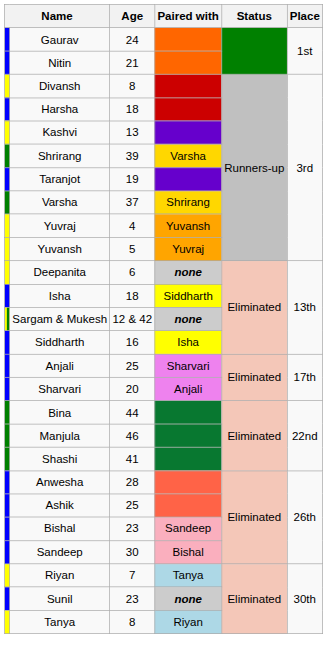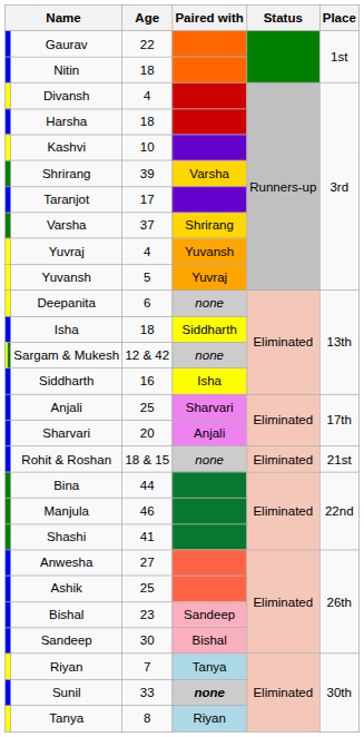 <table class="wikitable sortable" style=" text-align:center; font-size:100%;  line-height:25px; width:auto;">
 <tr>
 <th colspan="2">Name</th>
 <th>Age</th>
 <th>Paired with</th>
 <th>Status</th>
 <th>Place</th>
 </tr>
 <tr>
 <td bgcolor="blue"></td>
 <td>Gaurav</td>
-<td>24</td>
+<td>22</td>
 <td style="background:#f60"></td>
 <td rowspan="2" style="background:green;"></td>
 <td rowspan="2">1st</td>
 </tr>
 <tr>
 <td bgcolor="blue"></td>
 <td>Nitin</td>
-<td>21</td>
+<td>18</td>
 <td style="background:#f60"></td>
 </tr>
 <tr>
 <td bgcolor="yellow"></td>
 <td>Divansh</td>
-<td>8</td>
+<td>4</td>
 <td style="background:#c00"></td>
 <td rowspan="8" style="background: silver;">Runners-up<br></td>
 <td rowspan="8">3rd</td>
 </tr>
 <tr>
 <td bgcolor="blue"></td>
 <td>Harsha</td>
 <td>18</td>
 <td style="background:#c00"></td>
 </tr>
 <tr>
 <td bgcolor="yellow"></td>
 <td>Kashvi</td>
-<td>13</td>
+<td>10</td>
 <td style="background:#60c"></td>
 </tr>
 <tr>
 <td bgcolor="green"></td>
 <td>Shrirang</td>
 <td>39</td>
 <td bgcolor="gold">Varsha</td>
 </tr>
 <tr>
 <td bgcolor="blue"></td>
 <td>Taranjot</td>
-<td>19</td>
+<td>17</td>
 <td style="background:#60c"></td>
 </tr>
 <tr>
 <td bgcolor="green"></td>
 <td>Varsha</td>
 <td>37</td>
 <td bgcolor="gold">Shrirang</td>
 </tr>
 <tr>
 <td bgcolor="yellow"></td>
 <td>Yuvraj</td>
 <td>4</td>
 <td bgcolor="orange">Yuvansh</td>
 </tr>
 <tr>
 <td bgcolor="yellow"></td>
 <td>Yuvansh</td>
 <td>5</td>
 <td bgcolor="orange">Yuvraj</td>
 </tr>
 <tr>
 <td bgcolor="yellow"></td>
 <td>Deepanita</td>
 <td>6</td>
-<td bgcolor="#ccc"><strong><em>none</em></strong></td>
+<td bgcolor="#ccc"><em>none</em></td>
 <td rowspan="4" style="background:#f4c7b8;; text-align:center;">Eliminated <br></td>
 <td rowspan="4">13th</td>
 </tr>
 <tr>
 <td bgcolor="blue"></td>
 <td>Isha</td>
 <td>18</td>
 <td bgcolor="yellow">Siddharth</td>
 </tr>
 <tr>
 <td style="background-image: linear-gradient(to right, yellow 50%, green 50%);"></td>
 <td>Sargam & Mukesh</td>
 <td>12 & 42</td>
-<td bgcolor="#ccc"><strong><em>none</em></strong></td>
+<td bgcolor="#ccc"><em>none</em></td>
 </tr>
 <tr>
 <td bgcolor="blue"></td>
 <td>Siddharth</td>
 <td>16</td>
 <td bgcolor="yellow">Isha</td>
 </tr>
 <tr>
 <td bgcolor="blue"></td>
 <td>Anjali</td>
 <td>25</td>
 <td style="background:violet">Sharvari</td>
 <td rowspan="2" style="background:#f4c7b8;; text-align:center;">Eliminated <br></td>
 <td rowspan="2">17th</td>
 </tr>
 <tr>
 <td bgcolor="blue"></td>
 <td>Sharvari</td>
 <td>20</td>
 <td style="background: violet">Anjali</td>
+</tr>
+<tr>
+<td style="background-image: linear-gradient(to right, blue 50%, blue 50%);"></td>
+<td>Rohit & Roshan</td>
+<td>18 & 15</td>
+<td bgcolor="#ccc"><em>none</em></td>
+<td style="background:#f4c7b8;; text-align:center;">Eliminated <br></td>
+<td>21st</td>
 </tr>
 <tr>
 <td bgcolor="green"></td>
 <td>Bina</td>
 <td>44</td>
 <td style="background:#087830"></td>
 <td rowspan="3" style="background:#f4c7b8;; text-align:center;">Eliminated <br></td>
 <td rowspan="3">22nd</td>
 </tr>
 <tr>
 <td bgcolor="green"></td>
 <td>Manjula</td>
 <td>46</td>
 <td style="background:#087830"></td>
 </tr>
 <tr>
 <td bgcolor="green"></td>
 <td>Shashi</td>
 <td>41</td>
 <td style="background:#087830"></td>
 </tr>
 <tr>
 <td bgcolor="blue"></td>
 <td>Anwesha</td>
-<td>28</td>
+<td>27</td>
 <td bgcolor="tomato"></td>
 <td rowspan="4" style="background:#f4c7b8;; text-align:center;">Eliminated<br></td>
 <td rowspan="4">26th</td>
 </tr>
 <tr>
 <td bgcolor="blue"></td>
 <td>Ashik</td>
 <td>25</td>
 <td bgcolor="tomato"></td>
 </tr>
 <tr>
 <td bgcolor="blue"></td>
 <td>Bishal</td>
 <td>23</td>
 <td style="background:#FAAFBE">Sandeep</td>
 </tr>
 <tr>
 <td bgcolor="blue"></td>
 <td>Sandeep</td>
 <td>30</td>
 <td style="background:#FAAFBE">Bishal</td>
 </tr>
 <tr>
 <td bgcolor="yellow"></td>
 <td>Riyan</td>
 <td>7</td>
 <td bgcolor="lightblue">Tanya</td>
 <td rowspan="3" style="background:#f4c7b8;; text-align:center;">Eliminated <br></td>
 <td rowspan="3">30th</td>
 </tr>
 <tr>
 <td bgcolor="blue"></td>
 <td>Sunil</td>
-<td>23</td>
+<td>33</td>
 <td bgcolor="#ccc"><strong><em>none</em></strong></td>
 </tr>
 <tr>
 <td bgcolor="yellow"></td>
 <td>Tanya</td>
 <td>8</td>
 <td bgcolor="lightblue">Riyan</td>
 </tr>
 </table>
